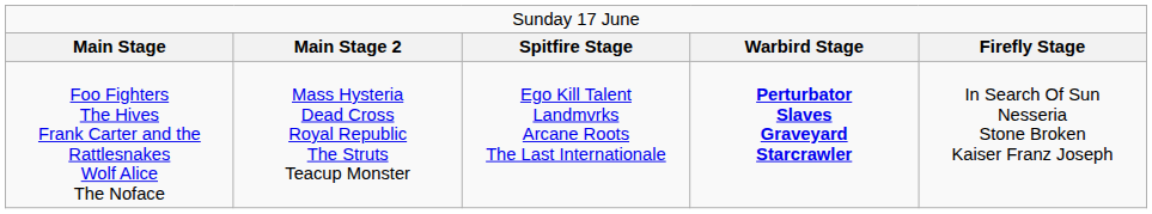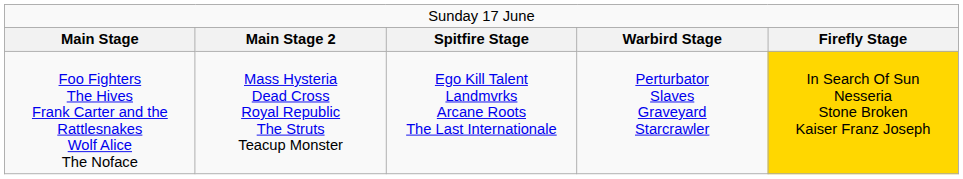 <table class="wikitable">
 <tr>
 <td colspan="5" style="text-align:center;">Sunday 17 June</td>
 </tr>
 <tr>
 <th>Main Stage</th>
 <th>Main Stage 2</th>
 <th>Spitfire Stage</th>
 <th>Warbird Stage</th>
 <th>Firefly Stage</th>
 </tr>
 <tr>
 <td style="text-align:center; vertical-align:top; width:200px;"><br><a href='#'>Foo Fighters</a><br> <a href='#'>The Hives</a> <br> <a href='#'>Frank Carter and the Rattlesnakes</a> <br> <a href='#'>Wolf Alice</a> <br> The Noface <br></td>
 <td style="text-align:center; vertical-align:top; width:200px;"><br><a href='#'>Mass Hysteria</a> <br> <a href='#'>Dead Cross</a> <br> <a href='#'>Royal Republic</a> <br> <a href='#'>The Struts</a> <br> Teacup Monster <br></td>
 <td style="text-align:center; vertical-align:top; width:200px;"><br><a href='#'>Ego Kill Talent</a> <br> <a href='#'>Landmvrks</a> <br> <a href='#'>Arcane Roots</a> <br> <a href='#'>The Last Internationale</a> <br></td>
-<td style="text-align:center; vertical-align:top; width:200px;"><strong><br><a href='#'>Perturbator</a> <br> <a href='#'>Slaves</a> <br> <a href='#'>Graveyard</a> <br> <a href='#'>Starcrawler</a> <br></strong></td>
-<td style="text-align:center; vertical-align:top; width:200px;"><br>In Search Of Sun <br> Nesseria <br> Stone Broken <br> Kaiser Franz Joseph <br></td>
+<td style="text-align:center; vertical-align:top; width:200px;"><br><a href='#'>Perturbator</a> <br> <a href='#'>Slaves</a> <br> <a href='#'>Graveyard</a> <br> <a href='#'>Starcrawler</a> <br></td>
+<td style="background: gold; text-align:center; vertical-align:top; width:200px;"><br>In Search Of Sun <br> Nesseria <br> Stone Broken <br> Kaiser Franz Joseph <br></td>
 </tr>
 </table>
